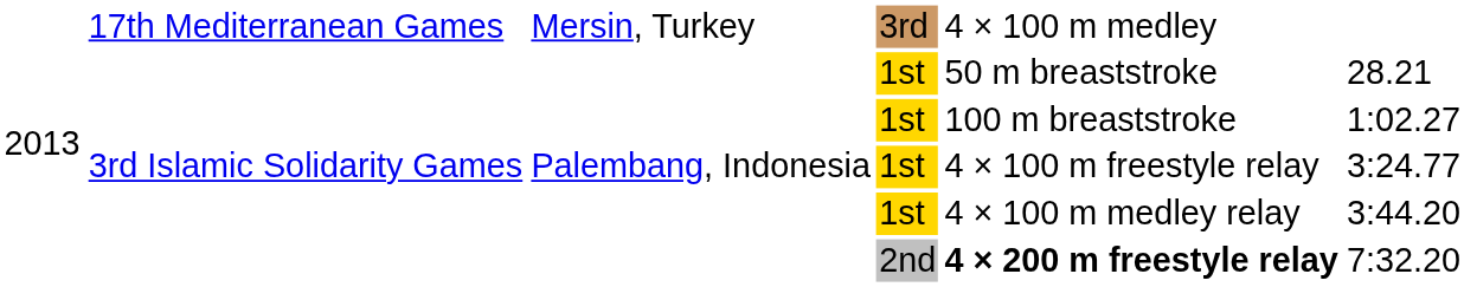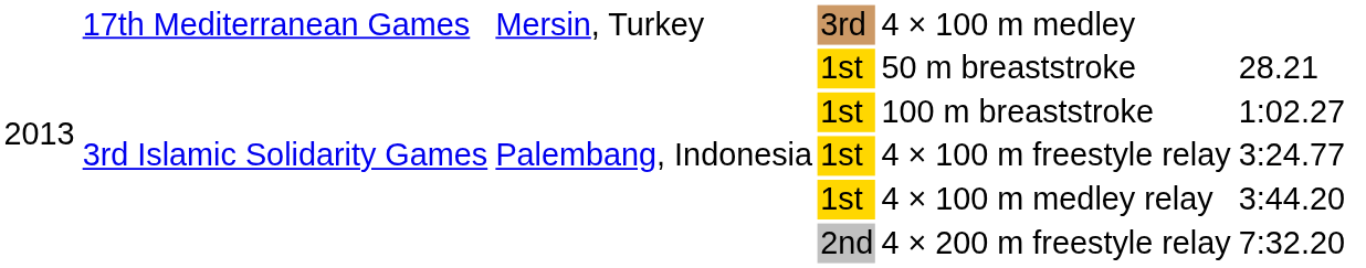 <table>
 <tr>
 <td rowspan=6>2013</td>
 <td><a href='#'>17th Mediterranean Games</a></td>
 <td><a href='#'>Mersin</a>, Turkey</td>
 <td bgcolor=cc9966>3rd</td>
 <td>4 × 100 m medley</td>
 <td></td>
 </tr>
 <tr>
 <td rowspan=5><a href='#'>3rd Islamic Solidarity Games</a></td>
 <td rowspan=5><a href='#'>Palembang</a>, Indonesia</td>
 <td bgcolor=gold>1st</td>
 <td>50 m breaststroke</td>
 <td>28.21</td>
 </tr>
 <tr>
 <td bgcolor=gold>1st</td>
 <td>100 m breaststroke</td>
 <td>1:02.27</td>
 </tr>
 <tr>
 <td bgcolor=gold>1st</td>
 <td>4 × 100 m freestyle relay</td>
 <td>3:24.77</td>
 </tr>
 <tr>
 <td bgcolor=gold>1st</td>
 <td>4 × 100 m medley relay</td>
 <td>3:44.20</td>
 </tr>
 <tr>
 <td bgcolor=silver>2nd</td>
-<td><strong>4 × 200 m freestyle relay</strong></td>
+<td>4 × 200 m freestyle relay</td>
 <td>7:32.20</td>
 </tr>
 </table>
